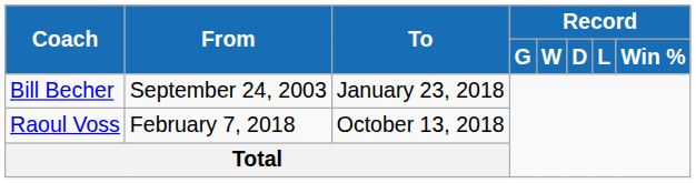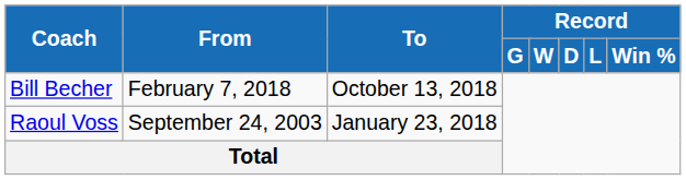 <table class="wikitable" style="text-align: center">
 <tr>
 <th rowspan=2! style="color:white; background:#176DB6;width=150">Coach</th>
 <th rowspan=2! style="color:white; background:#176DB6;width=120">From</th>
 <th rowspan=2! style="color:white; background:#176DB6;width=120">To</th>
 <th colspan=7! style="color:white; background:#176DB6;">Record</th>
 </tr>
 <tr>
 <th style="color:white; background:#176DB6;width=40">G</th>
 <th style="color:white; background:#176DB6;width=40">W</th>
 <th style="color:white; background:#176DB6;width=40">D</th>
 <th style="color:white; background:#176DB6;width=40">L</th>
 <th style="color:white; background:#176DB6;width=50">Win %</th>
 </tr>
 <tr>
 <td align=left> <a href='#'>Bill Becher</a></td>
-<td align=left>September 24, 2003</td>
-<td align=left>January 23, 2018<br></td>
+<td align=left>February 7, 2018</td>
+<td align=left>October 13, 2018<br></td>
 </tr>
 <tr>
 <td align=left> <a href='#'>Raoul Voss</a></td>
-<td align=left>February 7, 2018</td>
-<td align=left>October 13, 2018<br></td>
+<td align=left>September 24, 2003</td>
+<td align=left>January 23, 2018<br></td>
 </tr>
 <tr>
 <th colspan="3">Total<br></th>
 </tr>
 </table>
